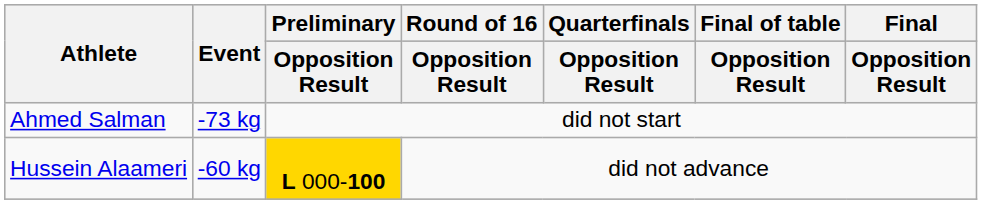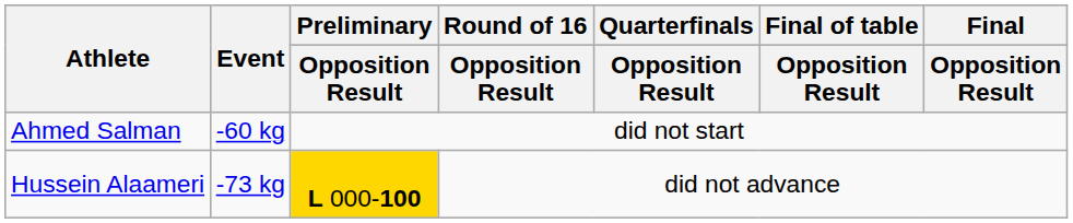 <table class=wikitable style="font-size:90%">
 <tr>
 <th rowspan=2>Athlete</th>
 <th rowspan=2>Event</th>
 <th>Preliminary</th>
 <th>Round of 16</th>
 <th>Quarterfinals</th>
 <th>Final of table</th>
 <th>Final</th>
 </tr>
 <tr>
 <th>Opposition<br>Result</th>
 <th>Opposition<br>Result</th>
 <th>Opposition<br>Result</th>
 <th>Opposition<br>Result</th>
 <th>Opposition<br>Result</th>
 </tr>
 <tr>
 <td><a href='#'>Ahmed Salman</a></td>
-<td><a href='#'>-73 kg</a></td>
+<td><a href='#'>-60 kg</a></td>
 <td align=center colspan="7">did not start</td>
 </tr>
 <tr>
 <td><a href='#'>Hussein Alaameri</a></td>
-<td><a href='#'>-60 kg</a></td>
+<td><a href='#'>-73 kg</a></td>
 <td align=center style="background: gold;"><br><strong>L</strong> 000-<strong>100</strong></td>
 <td align=center colspan="7">did not advance</td>
 </tr>
 </table>
